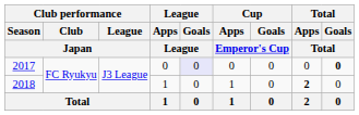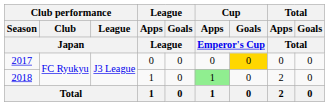 <table class="wikitable" style="text-align:center;">
 <tr>
 <th colspan=3>Club performance</th>
 <th colspan=2>League</th>
 <th colspan=2>Cup</th>
 <th colspan=2>Total</th>
 </tr>
 <tr>
 <th>Season</th>
 <th>Club</th>
 <th>League</th>
 <th>Apps</th>
 <th>Goals</th>
 <th>Apps</th>
 <th>Goals</th>
 <th>Apps</th>
 <th>Goals</th>
 </tr>
 <tr>
 <th colspan=3>Japan</th>
 <th colspan=2>League</th>
 <th colspan=2><a href='#'>Emperor's Cup</a></th>
 <th colspan=2>Total</th>
 </tr>
 <tr>
 <td><a href='#'>2017</a></td>
 <td rowspan="2"><a href='#'>FC Ryukyu</a></td>
 <td rowspan="2"><a href='#'>J3 League</a></td>
 <td>0</td>
-<td style="background: lavender;">0</td>
 <td>0</td>
 <td>0</td>
+<td style="background: gold;">0</td>
 <td>0</td>
-<td><strong>0</strong></td>
+<td>0</td>
 </tr>
 <tr>
 <td><a href='#'>2018</a></td>
 <td>1</td>
 <td>0</td>
-<td>1</td>
+<td style="background: lightgreen;">1</td>
 <td>0</td>
-<td><strong>2</strong></td>
+<td>2</td>
 <td>0</td>
 </tr>
 <tr>
 <th colspan=3>Total</th>
 <th>1</th>
 <th>0</th>
 <th>1</th>
 <th>0</th>
 <th>2</th>
 <th>0</th>
 </tr>
 </table>
